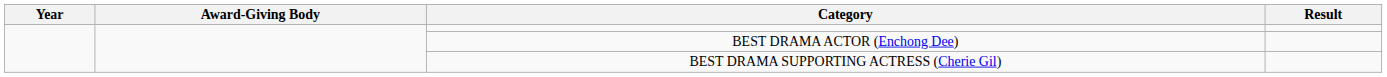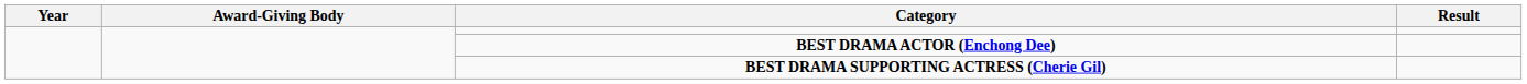 <table class="wikitable" style="text-align:center; background:#f9f9f9; line-height:16px;" width="100%">
 <tr>
 <th>Year</th>
 <th>Award-Giving Body</th>
 <th>Category</th>
 <th>Result</th>
 </tr>
 <tr>
 <td rowspan= "3"></td>
 <td rowspan= "3"></td>
 <td></td>
 <td></td>
 </tr>
 <tr>
-<td>BEST DRAMA ACTOR (<a href='#'>Enchong Dee</a>)</td>
+<td><strong>BEST DRAMA ACTOR (<a href='#'>Enchong Dee</a>)</strong></td>
 <td></td>
 </tr>
 <tr>
-<td>BEST DRAMA SUPPORTING ACTRESS (<a href='#'>Cherie Gil</a>)</td>
+<td><strong>BEST DRAMA SUPPORTING ACTRESS (<a href='#'>Cherie Gil</a>)</strong></td>
 <td></td>
 </tr>
 </table>
